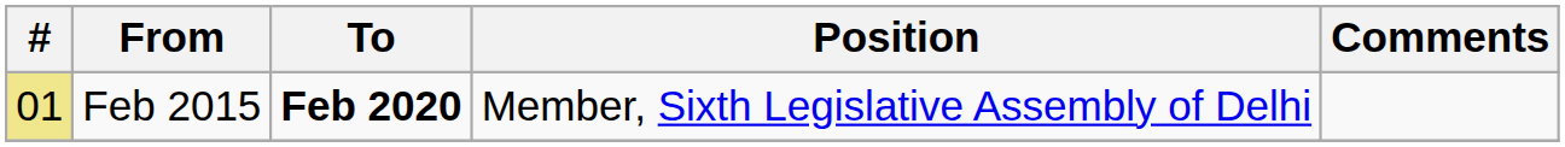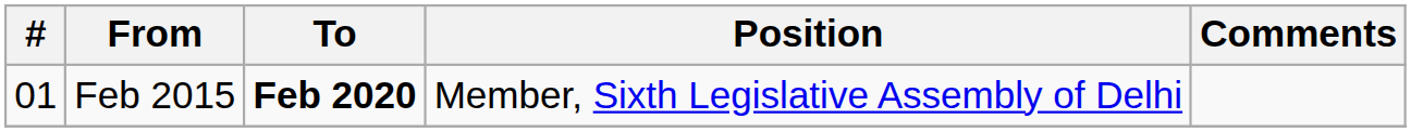 <table class="wikitable sortable">
 <tr>
 <th>#</th>
 <th>From</th>
 <th>To</th>
 <th>Position</th>
 <th>Comments</th>
 </tr>
 <tr>
-<td style="background: khaki;">01</td>
+<td>01</td>
 <td>Feb 2015</td>
 <td><strong>Feb 2020</strong></td>
 <td>Member, <a href='#'>Sixth Legislative Assembly of Delhi</a></td>
 <td></td>
 </tr>
 <tr>
 </tr>
 </table>
